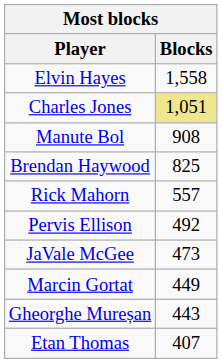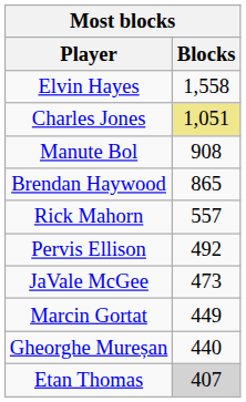 <table class="wikitable sortable" style="text-align:center">
 <tr>
 <th colspan="2" style="text-align:center; ">Most blocks</th>
 </tr>
 <tr>
 <th style="text-align:center; ">Player</th>
 <th style="text-align:center; ">Blocks</th>
 </tr>
 <tr>
 <td><a href='#'>Elvin Hayes</a></td>
 <td>1,558</td>
 </tr>
 <tr>
 <td><a href='#'>Charles Jones</a></td>
 <td style="background: khaki;">1,051</td>
 </tr>
 <tr>
 <td><a href='#'>Manute Bol</a></td>
 <td>908</td>
 </tr>
 <tr>
 <td><a href='#'>Brendan Haywood</a></td>
-<td>825</td>
+<td>865</td>
 </tr>
 <tr>
 <td><a href='#'>Rick Mahorn</a></td>
 <td>557</td>
 </tr>
 <tr>
 <td><a href='#'>Pervis Ellison</a></td>
 <td>492</td>
 </tr>
 <tr>
 <td><a href='#'>JaVale McGee</a></td>
 <td>473</td>
 </tr>
 <tr>
 <td><a href='#'>Marcin Gortat</a></td>
 <td>449</td>
 </tr>
 <tr>
 <td><a href='#'>Gheorghe Mureșan</a></td>
-<td>443</td>
+<td>440</td>
 </tr>
 <tr>
 <td><a href='#'>Etan Thomas</a></td>
-<td>407</td>
+<td style="background: lightgrey;">407</td>
 </tr>
 </table>
